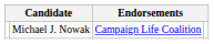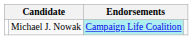 <table class="wikitable">
 <tr>
 <th colspan="2" align="center">Candidate</th>
 <th colspan="2" align="center">Endorsements</th>
 </tr>
 <tr>
 <td style="background-color:#FFFFFF;"></td>
 <td style="text-align:left;">Michael J. Nowak</td>
-<td><a href='#'>Campaign Life Coalition</a></td>
+<td style="background: paleturquoise;"><a href='#'>Campaign Life Coalition</a></td>
 <td></td>
 </tr>
 </table>
